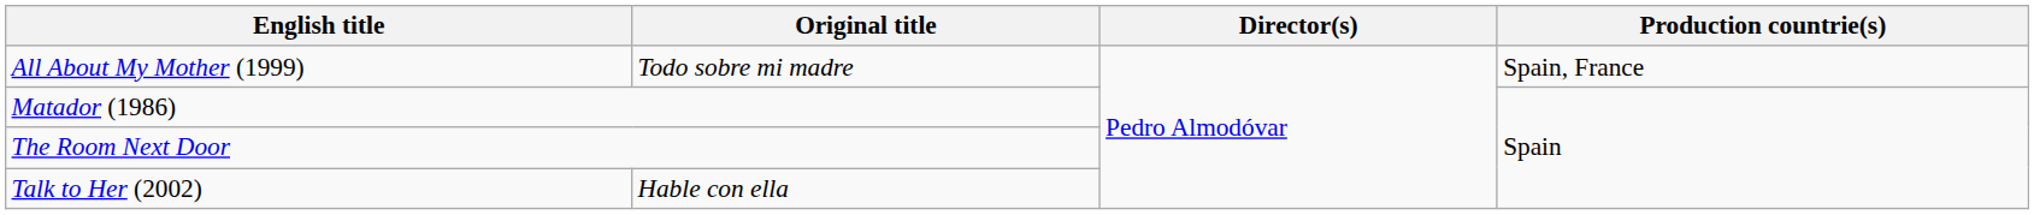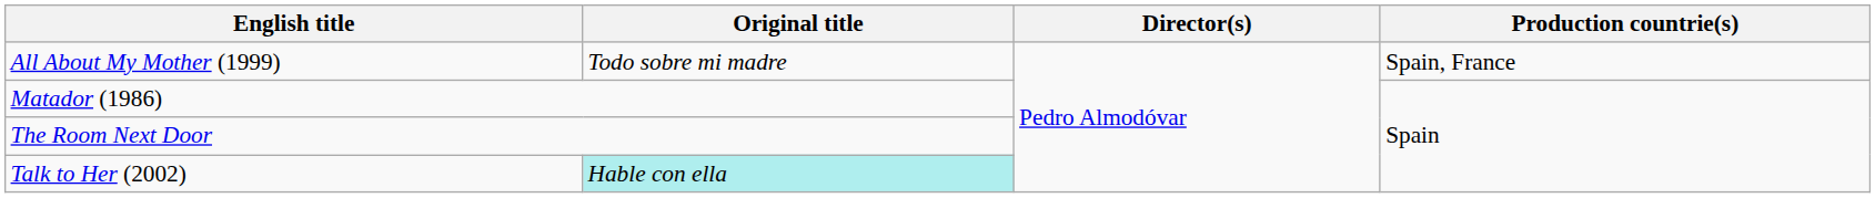 <table class="sortable wikitable" style="width:100%; margin-bottom:4px" cellpadding="5">
 <tr>
 <th scope="col">English title</th>
 <th scope="col">Original title</th>
 <th scope="col">Director(s)</th>
 <th scope="col">Production countrie(s)</th>
 </tr>
 <tr>
 <td><em><a href='#'>All About My Mother</a></em> (1999)</td>
 <td><em>Todo sobre mi madre</em></td>
 <td rowspan="4"><a href='#'>Pedro Almodóvar</a></td>
 <td>Spain, France</td>
 </tr>
 <tr>
 <td colspan="2"><em><a href='#'>Matador</a></em> (1986)</td>
 <td rowspan="3">Spain</td>
 </tr>
 <tr>
 <td colspan="2"><em><a href='#'>The Room Next Door</a></em></td>
 </tr>
 <tr>
 <td><em><a href='#'>Talk to Her</a></em> (2002)</td>
-<td><em>Hable con ella</em></td>
+<td style="background: paleturquoise;"><em>Hable con ella</em></td>
 </tr>
 </table>
